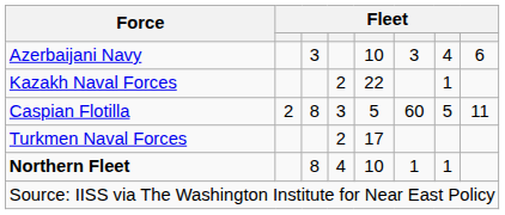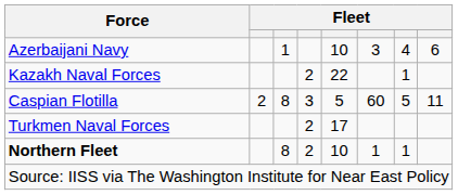 <table class="wikitable" style="text-align:center;">
 <tr>
 <th rowspan=2>Force</th>
 <th colspan=7>Fleet</th>
 </tr>
 <tr>
 <th></th>
 <th></th>
 <th></th>
 <th></th>
 <th></th>
 <th></th>
 <th></th>
 </tr>
 <tr>
 <td align=left> <a href='#'>Azerbaijani Navy</a></td>
 <td></td>
-<td>3</td>
+<td>1</td>
 <td></td>
 <td>10</td>
 <td>3</td>
 <td>4</td>
 <td>6</td>
 </tr>
 <tr>
 <td align=left> <a href='#'>Kazakh Naval Forces</a></td>
 <td></td>
 <td></td>
 <td>2</td>
 <td>22</td>
 <td></td>
 <td>1</td>
 <td></td>
 </tr>
 <tr>
 <td align=left> <a href='#'>Caspian Flotilla</a></td>
 <td>2</td>
 <td>8</td>
 <td>3</td>
 <td>5</td>
 <td>60</td>
 <td>5</td>
 <td>11</td>
 </tr>
 <tr>
 <td align=left> <a href='#'>Turkmen Naval Forces</a></td>
 <td></td>
 <td></td>
 <td>2</td>
 <td>17</td>
 <td></td>
 <td></td>
 <td></td>
 </tr>
 <tr>
 <td align=left> <strong>Northern Fleet</strong></td>
 <td></td>
 <td>8</td>
-<td>4</td>
+<td>2</td>
 <td>10</td>
 <td>1</td>
 <td>1</td>
 <td></td>
 </tr>
 <tr>
 <td colspan=8 align=left>Source: IISS via The Washington Institute for Near East Policy</td>
 </tr>
 </table>
